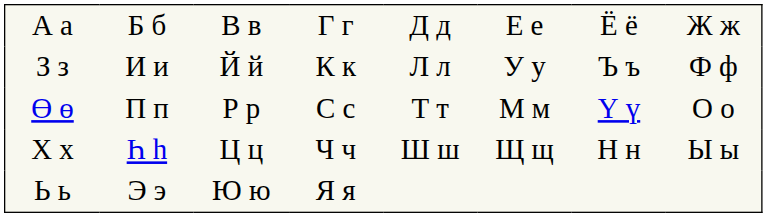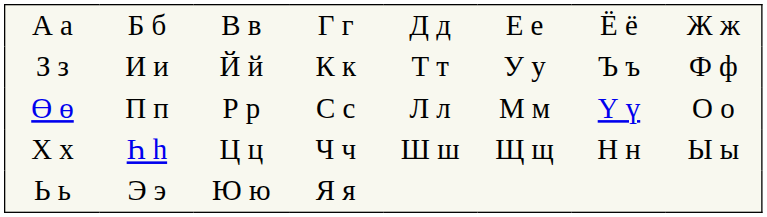 <table style="font-family:Arial Unicode MS; font-size:1.4em; border-color:#000000; border-width:1px; border-style:solid; border-collapse:collapse; background-color:#F8F8EF">
 <tr>
 <td style="width:3em; text-align:center; padding: 3px;">А а</td>
 <td style="width:3em; text-align:center; padding: 3px;">Б б</td>
 <td style="width:3em; text-align:center; padding: 3px;">В в</td>
 <td style="width:3em; text-align:center; padding: 3px;">Г г</td>
 <td style="width:3em; text-align:center; padding: 3px;">Д д</td>
 <td style="width:3em; text-align:center; padding: 3px;">Е е</td>
 <td style="width:3em; text-align:center; padding: 3px;">Ё ё</td>
 <td style="width:3em; text-align:center; padding: 3px;">Ж ж</td>
 </tr>
 <tr>
 <td style="width:3em; text-align:center; padding: 3px;">З з</td>
 <td style="width:3em; text-align:center; padding: 3px;">И и</td>
 <td style="width:3em; text-align:center; padding: 3px;">Й й</td>
 <td style="width:3em; text-align:center; padding: 3px;">К к</td>
-<td style="width:3em; text-align:center; padding: 3px;">Л л</td>
+<td style="width:3em; text-align:center; padding: 3px;">Т т</td>
 <td style="width:3em; text-align:center; padding: 3px;">У у</td>
 <td style="width:3em; text-align:center; padding: 3px;">Ъ ъ</td>
 <td style="width:3em; text-align:center; padding: 3px;">Ф ф</td>
 </tr>
 <tr>
 <td style="width:3em; text-align:center; padding: 3px;"><a href='#'>Ө ө</a></td>
 <td style="width:3em; text-align:center; padding: 3px;">П п</td>
 <td style="width:3em; text-align:center; padding: 3px;">Р р</td>
 <td style="width:3em; text-align:center; padding: 3px;">С с</td>
-<td style="width:3em; text-align:center; padding: 3px;">Т т</td>
+<td style="width:3em; text-align:center; padding: 3px;">Л л</td>
 <td style="width:3em; text-align:center; padding: 3px;">М м</td>
 <td style="width:3em; text-align:center; padding: 3px;"><a href='#'>Ү ү</a></td>
 <td style="width:3em; text-align:center; padding: 3px;">О о</td>
 </tr>
 <tr>
 <td style="width:3em; text-align:center; padding: 3px;">Х х</td>
 <td style="width:3em; text-align:center; padding: 3px;"><a href='#'>Һ һ</a></td>
 <td style="width:3em; text-align:center; padding: 3px;">Ц ц</td>
 <td style="width:3em; text-align:center; padding: 3px;">Ч ч</td>
 <td style="width:3em; text-align:center; padding: 3px;">Ш ш</td>
 <td style="width:3em; text-align:center; padding: 3px;">Щ щ</td>
 <td style="width:3em; text-align:center; padding: 3px;">Н н</td>
 <td style="width:3em; text-align:center; padding: 3px;">Ы ы</td>
 </tr>
 <tr>
 <td style="width:3em; text-align:center; padding: 3px;">Ь ь</td>
 <td style="width:3em; text-align:center; padding: 3px;">Э э</td>
 <td style="width:3em; text-align:center; padding: 3px;">Ю ю</td>
 <td style="width:3em; text-align:center; padding: 3px;">Я я</td>
 <td></td>
 <td></td>
 <td></td>
 </tr>
 </table>
